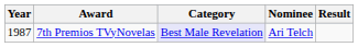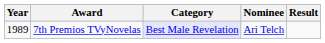 <table class="wikitable">
 <tr style="background:#b0c4de;">
 <th>Year</th>
 <th>Award</th>
 <th>Category</th>
 <th>Nominee</th>
 <th>Result</th>
 </tr>
 <tr>
-<td>1987</td>
+<td>1989</td>
 <td><a href='#'>7th Premios TVyNovelas</a></td>
 <td style="background: lavender;"><a href='#'>Best Male Revelation</a></td>
 <td><a href='#'>Ari Telch</a></td>
 <td></td>
 </tr>
 </table>
